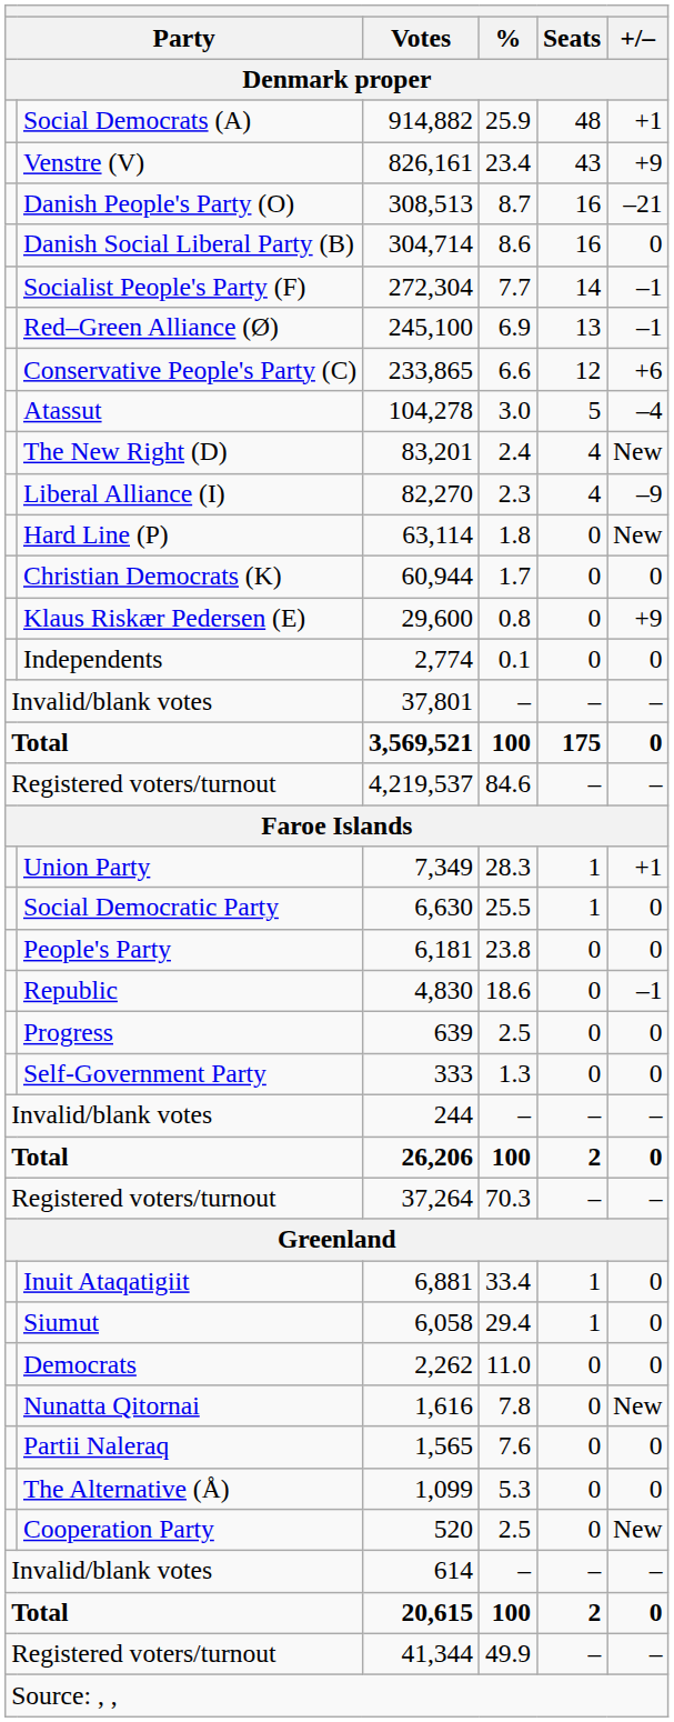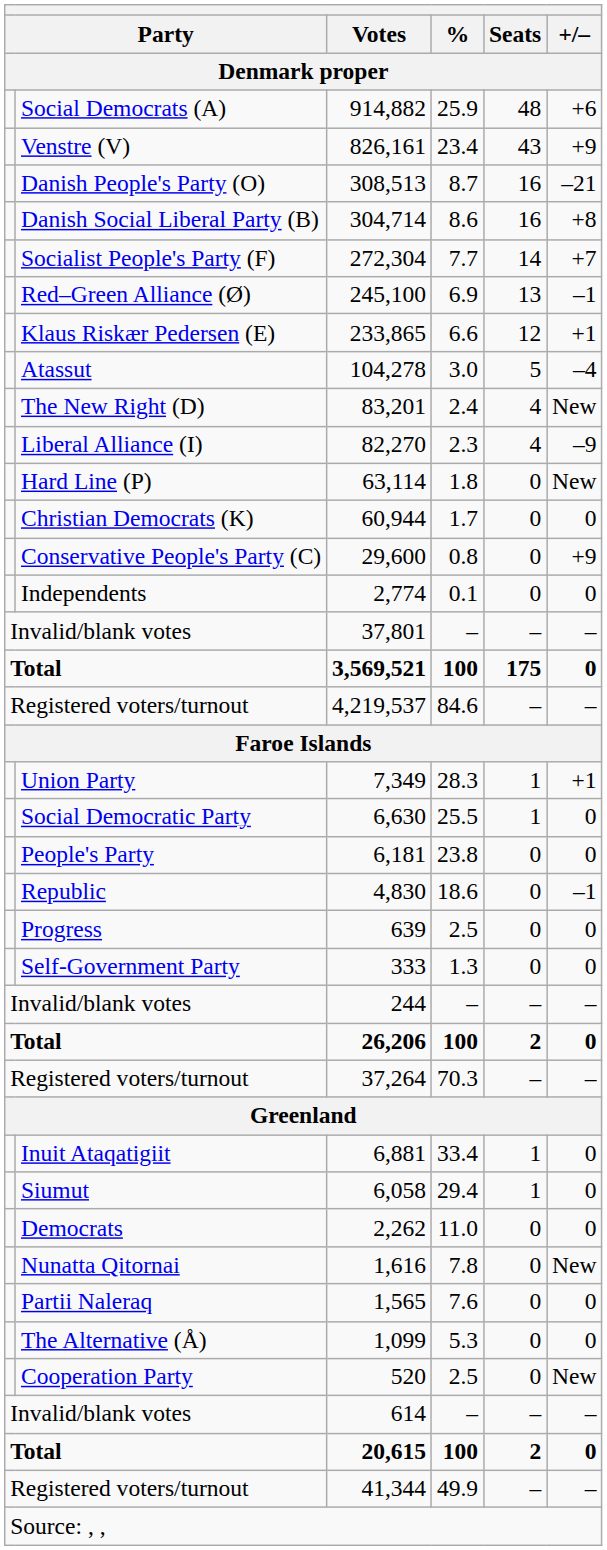 <table class="wikitable" style="text-align:right">
 <tr>
 <th colspan="7"></th>
 </tr>
 <tr>
 <th colspan="2">Party</th>
 <th>Votes</th>
 <th>%</th>
 <th>Seats</th>
 <th>+/–</th>
 </tr>
 <tr>
 <th colspan="7">Denmark proper</th>
 </tr>
 <tr>
 <td></td>
 <td align="left"><a href='#'>Social Democrats</a> (A)</td>
 <td>914,882</td>
 <td>25.9</td>
 <td>48</td>
-<td>+1</td>
+<td>+6</td>
 </tr>
 <tr>
 <td></td>
 <td align="left"><a href='#'>Venstre</a> (V)</td>
 <td>826,161</td>
 <td>23.4</td>
 <td>43</td>
 <td>+9</td>
 </tr>
 <tr>
 <td></td>
 <td align="left"><a href='#'>Danish People's Party</a> (O)</td>
 <td>308,513</td>
 <td>8.7</td>
 <td>16</td>
 <td>–21</td>
 </tr>
 <tr>
 <td></td>
 <td align="left"><a href='#'>Danish Social Liberal Party</a> (B)</td>
 <td>304,714</td>
 <td>8.6</td>
 <td>16</td>
-<td>0</td>
+<td>+8</td>
 </tr>
 <tr>
 <td></td>
 <td align="left"><a href='#'>Socialist People's Party</a> (F)</td>
 <td>272,304</td>
 <td>7.7</td>
 <td>14</td>
-<td>–1</td>
+<td>+7</td>
 </tr>
 <tr>
 <td></td>
 <td align="left"><a href='#'>Red–Green Alliance</a> (Ø)</td>
 <td>245,100</td>
 <td>6.9</td>
 <td>13</td>
 <td>–1</td>
 </tr>
 <tr>
 <td></td>
-<td align="left"><a href='#'>Conservative People's Party</a> (C)</td>
+<td align="left"><a href='#'>Klaus Riskær Pedersen</a> (E)</td>
 <td>233,865</td>
 <td>6.6</td>
 <td>12</td>
-<td>+6</td>
+<td>+1</td>
 </tr>
 <tr>
 <td></td>
 <td align="left"><a href='#'>Atassut</a></td>
 <td>104,278</td>
 <td>3.0</td>
 <td>5</td>
 <td>–4</td>
 </tr>
 <tr>
 <td></td>
 <td align="left"><a href='#'>The New Right</a> (D)</td>
 <td>83,201</td>
 <td>2.4</td>
 <td>4</td>
 <td>New</td>
 </tr>
 <tr>
 <td></td>
 <td align="left"><a href='#'>Liberal Alliance</a> (I)</td>
 <td>82,270</td>
 <td>2.3</td>
 <td>4</td>
 <td>–9</td>
 </tr>
 <tr>
 <td></td>
 <td align="left"><a href='#'>Hard Line</a> (P)</td>
 <td>63,114</td>
 <td>1.8</td>
 <td>0</td>
 <td>New</td>
 </tr>
 <tr>
 <td></td>
 <td align="left"><a href='#'>Christian Democrats</a> (K)</td>
 <td>60,944</td>
 <td>1.7</td>
 <td>0</td>
 <td>0</td>
 </tr>
 <tr>
 <td></td>
-<td align="left"><a href='#'>Klaus Riskær Pedersen</a> (E)</td>
+<td align="left"><a href='#'>Conservative People's Party</a> (C)</td>
 <td>29,600</td>
 <td>0.8</td>
 <td>0</td>
 <td>+9</td>
 </tr>
 <tr>
 <td></td>
 <td align="left">Independents</td>
 <td>2,774</td>
 <td>0.1</td>
 <td>0</td>
 <td>0</td>
 </tr>
 <tr>
 <td colspan="2" align="left">Invalid/blank votes</td>
 <td>37,801</td>
 <td>–</td>
 <td>–</td>
 <td>–</td>
 </tr>
 <tr>
 <td colspan="2" align="left"><strong>Total</strong></td>
 <td><strong>3,569,521</strong></td>
 <td><strong>100</strong></td>
 <td><strong>175</strong></td>
 <td><strong>0</strong></td>
 </tr>
 <tr>
 <td colspan="2" align="left">Registered voters/turnout</td>
 <td>4,219,537</td>
 <td>84.6</td>
 <td>–</td>
 <td>–</td>
 </tr>
 <tr>
 <th colspan="6">Faroe Islands</th>
 </tr>
 <tr>
 <td></td>
 <td align="left"><a href='#'>Union Party</a></td>
 <td>7,349</td>
 <td>28.3</td>
 <td>1</td>
 <td>+1</td>
 </tr>
 <tr>
 <td></td>
 <td align="left"><a href='#'>Social Democratic Party</a></td>
 <td>6,630</td>
 <td>25.5</td>
 <td>1</td>
 <td>0</td>
 </tr>
 <tr>
 <td></td>
 <td align="left"><a href='#'>People's Party</a></td>
 <td>6,181</td>
 <td>23.8</td>
 <td>0</td>
 <td>0</td>
 </tr>
 <tr>
 <td></td>
 <td align="left"><a href='#'>Republic</a></td>
 <td>4,830</td>
 <td>18.6</td>
 <td>0</td>
 <td>–1</td>
 </tr>
 <tr>
 <td></td>
 <td align="left"><a href='#'>Progress</a></td>
 <td>639</td>
 <td>2.5</td>
 <td>0</td>
 <td>0</td>
 </tr>
 <tr>
 <td></td>
 <td align="left"><a href='#'>Self-Government Party</a></td>
 <td>333</td>
 <td>1.3</td>
 <td>0</td>
 <td>0</td>
 </tr>
 <tr>
 <td colspan="2" align="left">Invalid/blank votes</td>
 <td>244</td>
 <td>–</td>
 <td>–</td>
 <td>–</td>
 </tr>
 <tr>
 <td colspan="2" align="left"><strong>Total</strong></td>
 <td><strong>26,206</strong></td>
 <td><strong>100</strong></td>
 <td><strong>2</strong></td>
 <td><strong>0</strong></td>
 </tr>
 <tr>
 <td colspan="2" align="left">Registered voters/turnout</td>
 <td>37,264</td>
 <td>70.3</td>
 <td>–</td>
 <td>–</td>
 </tr>
 <tr>
 <th colspan="6">Greenland</th>
 </tr>
 <tr>
 <td></td>
 <td align="left"><a href='#'>Inuit Ataqatigiit</a></td>
 <td>6,881</td>
 <td>33.4</td>
 <td>1</td>
 <td>0</td>
 </tr>
 <tr>
 <td></td>
 <td align="left"><a href='#'>Siumut</a></td>
 <td>6,058</td>
 <td>29.4</td>
 <td>1</td>
 <td>0</td>
 </tr>
 <tr>
 <td></td>
 <td align="left"><a href='#'>Democrats</a></td>
 <td>2,262</td>
 <td>11.0</td>
 <td>0</td>
 <td>0</td>
 </tr>
 <tr>
 <td></td>
 <td align="left"><a href='#'>Nunatta Qitornai</a></td>
 <td>1,616</td>
 <td>7.8</td>
 <td>0</td>
 <td>New</td>
 </tr>
 <tr>
 <td></td>
 <td align="left"><a href='#'>Partii Naleraq</a></td>
 <td>1,565</td>
 <td>7.6</td>
 <td>0</td>
 <td>0</td>
 </tr>
 <tr>
 <td></td>
 <td align="left"><a href='#'>The Alternative</a> (Å)</td>
 <td>1,099</td>
 <td>5.3</td>
 <td>0</td>
 <td>0</td>
 </tr>
 <tr>
 <td></td>
 <td align="left"><a href='#'>Cooperation Party</a></td>
 <td>520</td>
 <td>2.5</td>
 <td>0</td>
 <td>New</td>
 </tr>
 <tr>
 <td colspan="2" align="left">Invalid/blank votes</td>
 <td>614</td>
 <td>–</td>
 <td>–</td>
 <td>–</td>
 </tr>
 <tr>
 <td colspan="2" align="left"><strong>Total</strong></td>
 <td><strong>20,615</strong></td>
 <td><strong>100</strong></td>
 <td><strong>2</strong></td>
 <td><strong>0</strong></td>
 </tr>
 <tr>
 <td colspan="2" align="left">Registered voters/turnout</td>
 <td>41,344</td>
 <td>49.9</td>
 <td>–</td>
 <td>–</td>
 </tr>
 <tr>
 <td colspan="6" align="left">Source: , , </td>
 </tr>
 </table>
